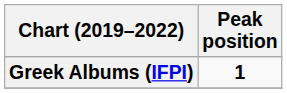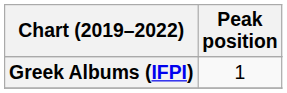 <table class="wikitable sortable plainrowheaders" style="text-align:center;">
 <tr>
 <th scope="col">Chart (2019–2022)</th>
 <th scope="col">Peak<br>position</th>
 </tr>
 <tr>
 </tr>
 <tr>
 </tr>
 <tr>
 <th scope="row">Greek Albums (<a href='#'>IFPI</a>)</th>
-<td><strong>1</strong></td>
+<td>1</td>
 </tr>
 <tr>
 </tr>
 <tr>
 </tr>
 </table>
